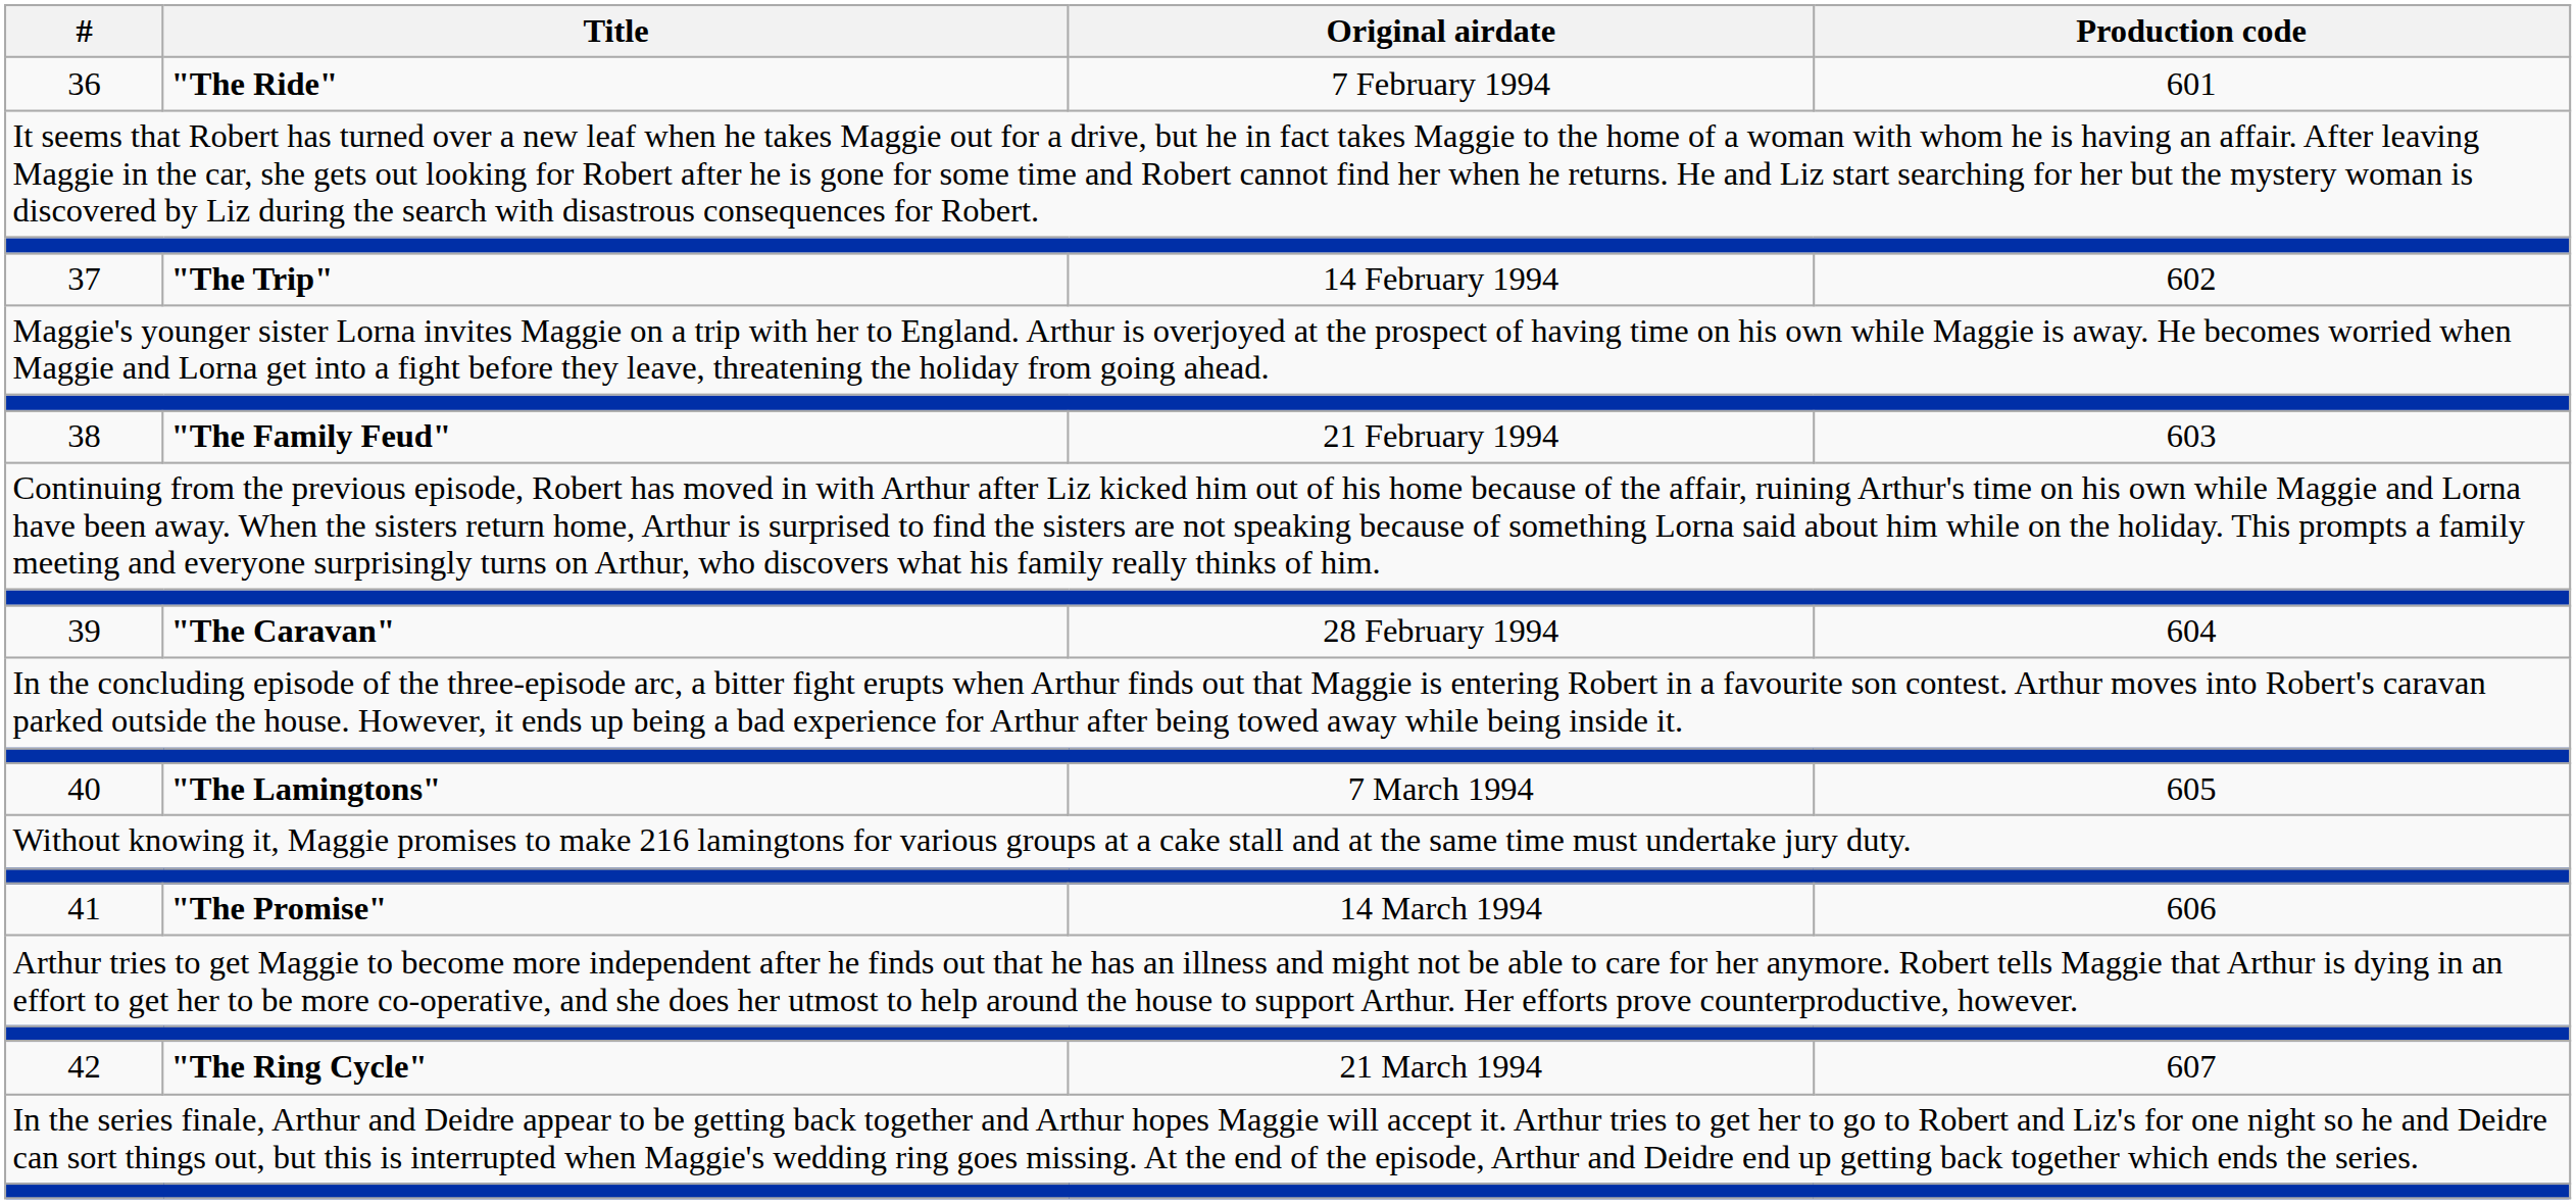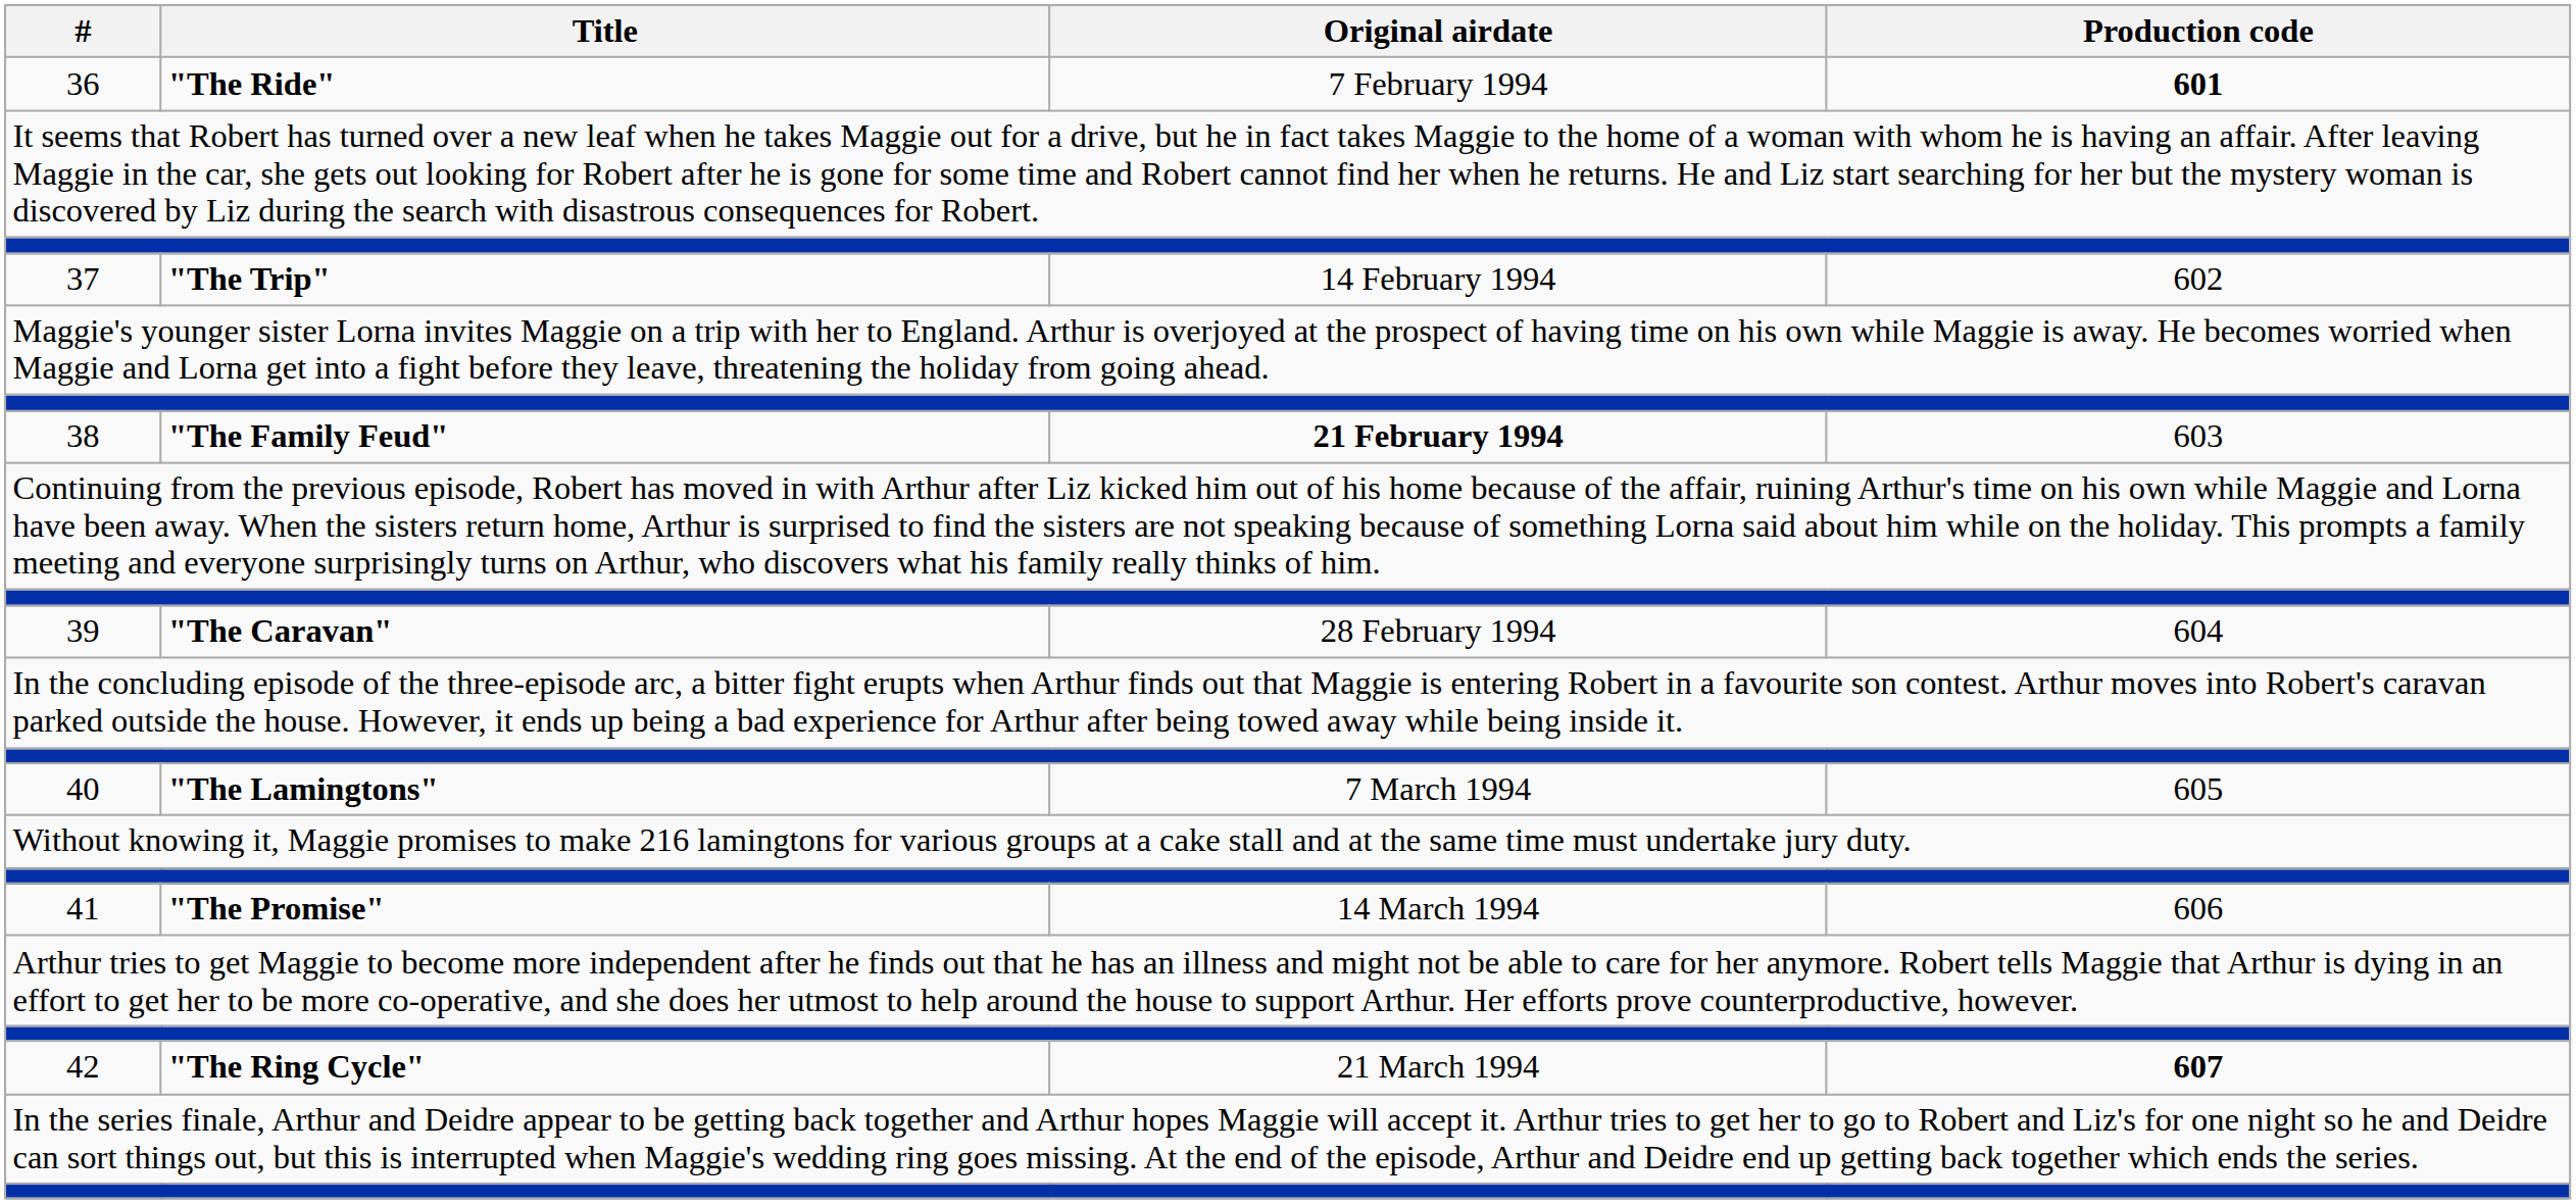 <table class="wikitable" width="98%">
 <tr>
 <th>#</th>
 <th>Title</th>
 <th>Original airdate</th>
 <th>Production code</th>
 </tr>
 <tr>
 <td align="center">36</td>
 <td><strong>"The Ride"</strong></td>
 <td align="center">7 February 1994</td>
-<td align="center">601</td>
+<td align="center"><strong>601</strong></td>
 </tr>
 <tr>
 <td colspan="4">It seems that Robert has turned over a new leaf when he takes Maggie out for a drive, but he in fact takes Maggie to the home of a woman with whom he is having an affair.  After leaving Maggie in the car, she gets out looking for Robert after he is gone for some time and Robert cannot find her when he returns.  He and Liz start searching for her but the mystery woman is discovered by Liz during the search with disastrous consequences for Robert.</td>
 </tr>
 <tr>
 <td colspan="4" bgcolor="#002FA7"></td>
 </tr>
 <tr>
 <td align="center">37</td>
 <td><strong>"The Trip"</strong></td>
 <td align="center">14 February 1994</td>
 <td align="center">602</td>
 </tr>
 <tr>
 <td colspan="4">Maggie's younger sister Lorna invites Maggie on a trip with her to England.  Arthur is overjoyed at the prospect of having time on his own while Maggie is away. He becomes worried when Maggie and Lorna get into a fight before they leave, threatening the holiday from going ahead.</td>
 </tr>
 <tr>
 <td colspan="4" bgcolor="#002FA7"></td>
 </tr>
 <tr>
 <td align="center">38</td>
 <td><strong>"The Family Feud"</strong></td>
-<td align="center">21 February 1994</td>
+<td align="center"><strong>21 February 1994</strong></td>
 <td align="center">603</td>
 </tr>
 <tr>
 <td colspan="4">Continuing from the previous episode, Robert has moved in with Arthur after Liz kicked him out of his home because of the affair, ruining Arthur's time on his own while Maggie and Lorna have been away. When the sisters return home, Arthur is surprised to find the sisters are not speaking because of something Lorna said about him while on the holiday. This prompts a family meeting and everyone surprisingly turns on Arthur, who discovers what his family really thinks of him.</td>
 </tr>
 <tr>
 <td colspan="4" bgcolor="#002FA7"></td>
 </tr>
 <tr>
 <td align="center">39</td>
 <td><strong>"The Caravan"</strong></td>
 <td align="center">28 February 1994</td>
 <td align="center">604</td>
 </tr>
 <tr>
 <td colspan="4">In the concluding episode of the three-episode arc, a bitter fight erupts when Arthur finds out that Maggie is entering Robert in a favourite son contest. Arthur moves into Robert's caravan parked outside the house. However, it ends up being a bad experience for Arthur after being towed away while being inside it.</td>
 </tr>
 <tr>
 <td colspan="4" bgcolor="#002FA7"></td>
 </tr>
 <tr>
 <td align="center">40</td>
 <td><strong>"The Lamingtons"</strong></td>
 <td align="center">7 March 1994</td>
 <td align="center">605</td>
 </tr>
 <tr>
 <td colspan="4">Without knowing it, Maggie promises to make 216 lamingtons for various groups at a cake stall and at the same time must undertake jury duty.</td>
 </tr>
 <tr>
 <td colspan="4" bgcolor="#002FA7"></td>
 </tr>
 <tr>
 <td align="center">41</td>
 <td><strong>"The Promise"</strong></td>
 <td align="center">14 March 1994</td>
 <td align="center">606</td>
 </tr>
 <tr>
 <td colspan="4">Arthur tries to get Maggie to become more independent after he finds out that he has an illness and might not be able to care for her anymore. Robert tells Maggie that Arthur is dying in an effort to get her to be more co-operative, and she does her utmost to help around the house to support Arthur.  Her efforts prove counterproductive, however.</td>
 </tr>
 <tr>
 <td colspan="4" bgcolor="#002FA7"></td>
 </tr>
 <tr>
 <td align="center">42</td>
 <td><strong>"The Ring Cycle"</strong></td>
 <td align="center">21 March 1994</td>
-<td align="center">607</td>
+<td align="center"><strong>607</strong></td>
 </tr>
 <tr>
 <td colspan="4">In the series finale, Arthur and Deidre appear to be getting back together and Arthur hopes Maggie will accept it. Arthur tries to get her to go to Robert and Liz's for one night so he and Deidre can sort things out, but this is interrupted when Maggie's wedding ring goes missing. At the end of the episode, Arthur and Deidre end up getting back together which ends the series.</td>
 </tr>
 <tr>
 <td colspan="4" bgcolor="#002FA7"></td>
 </tr>
 </table>
